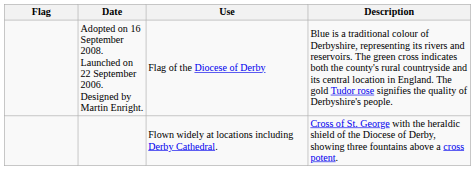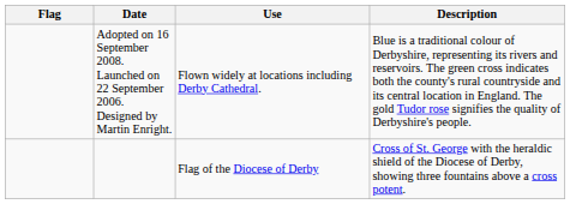 <table class="wikitable">
 <tr>
 <th width="110">Flag</th>
 <th width="100">Date</th>
 <th width="250">Use</th>
 <th width="250">Description</th>
 </tr>
 <tr>
 <td></td>
 <td>Adopted on 16 September 2008. Launched on 22 September 2006. Designed by Martin Enright.</td>
-<td>Flag of the <a href='#'>Diocese of Derby</a></td>
+<td>Flown widely at locations including <a href='#'>Derby Cathedral</a>.</td>
 <td>Blue is a traditional colour of Derbyshire, representing its rivers and reservoirs. The green cross indicates both the county's rural countryside and its central location in England. The gold <a href='#'>Tudor rose</a> signifies the quality of Derbyshire's people.</td>
 </tr>
 <tr>
 <td></td>
 <td></td>
-<td>Flown widely at locations including <a href='#'>Derby Cathedral</a>.</td>
+<td>Flag of the <a href='#'>Diocese of Derby</a></td>
 <td><a href='#'>Cross of St. George</a> with the heraldic shield of the Diocese of Derby, showing three fountains above a <a href='#'>cross potent</a>.</td>
 </tr>
 </table>
